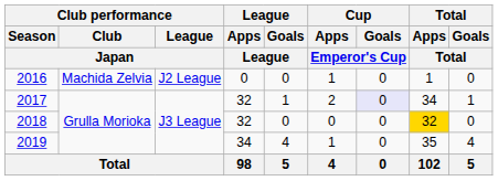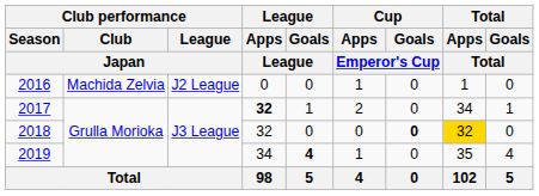 <table class="wikitable" style="text-align:center;">
 <tr>
 <th colspan=3>Club performance</th>
 <th colspan=2>League</th>
 <th colspan=2>Cup</th>
 <th colspan=2>Total</th>
 </tr>
 <tr>
 <th>Season</th>
 <th>Club</th>
 <th>League</th>
 <th>Apps</th>
 <th>Goals</th>
 <th>Apps</th>
 <th>Goals</th>
 <th>Apps</th>
 <th>Goals</th>
 </tr>
 <tr>
 <th colspan=3>Japan</th>
 <th colspan=2>League</th>
 <th colspan=2><a href='#'>Emperor's Cup</a></th>
 <th colspan=2>Total</th>
 </tr>
 <tr>
 <td><a href='#'>2016</a></td>
 <td rowspan="1"><a href='#'>Machida Zelvia</a></td>
 <td rowspan="1"><a href='#'>J2 League</a></td>
 <td>0</td>
 <td>0</td>
 <td>1</td>
 <td>0</td>
 <td>1</td>
 <td>0</td>
 </tr>
 <tr>
 <td><a href='#'>2017</a></td>
 <td rowspan="3"><a href='#'>Grulla Morioka</a></td>
 <td rowspan="3"><a href='#'>J3 League</a></td>
-<td>32</td>
+<td><strong>32</strong></td>
 <td>1</td>
 <td>2</td>
-<td style="background: lavender;">0</td>
+<td>0</td>
 <td>34</td>
 <td>1</td>
 </tr>
 <tr>
 <td><a href='#'>2018</a></td>
 <td>32</td>
 <td>0</td>
 <td>0</td>
-<td>0</td>
+<td><strong>0</strong></td>
 <td style="background: gold;">32</td>
 <td>0</td>
 </tr>
 <tr>
 <td><a href='#'>2019</a></td>
 <td>34</td>
-<td>4</td>
+<td><strong>4</strong></td>
 <td>1</td>
 <td>0</td>
 <td>35</td>
 <td>4</td>
 </tr>
 <tr>
 <th colspan=3>Total</th>
 <th>98</th>
 <th>5</th>
 <th>4</th>
 <th>0</th>
 <th>102</th>
 <th>5</th>
 </tr>
 </table>
